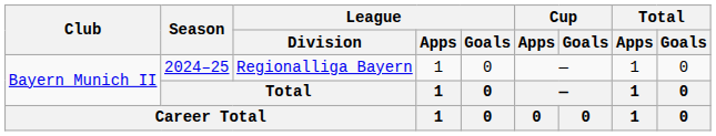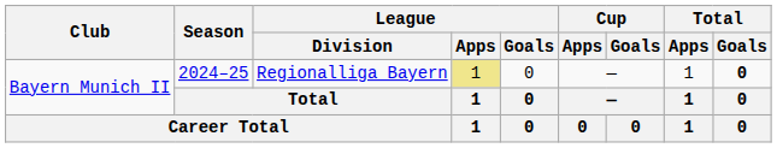 <table class="wikitable" Style="text-align: center">
 <tr>
 <th rowspan="2">Club</th>
 <th rowspan="2">Season</th>
 <th colspan="3">League</th>
 <th colspan="2">Cup</th>
 <th colspan="2">Total</th>
 </tr>
 <tr>
 <th>Division</th>
 <th>Apps</th>
 <th>Goals</th>
 <th>Apps</th>
 <th>Goals</th>
 <th>Apps</th>
 <th>Goals</th>
 </tr>
 <tr>
 <td rowspan="2"><a href='#'>Bayern Munich II</a></td>
 <td><a href='#'>2024–25</a></td>
 <td><a href='#'>Regionalliga Bayern</a></td>
-<td>1</td>
+<td style="background: khaki;">1</td>
 <td>0</td>
 <td colspan="2">—</td>
 <td>1</td>
-<td>0</td>
+<td><strong>0</strong></td>
 </tr>
 <tr>
 <th colspan="2">Total</th>
 <th>1</th>
 <th>0</th>
 <th colspan="2">—</th>
 <th>1</th>
 <th>0</th>
 </tr>
 <tr>
 <th colspan="3">Career Total</th>
 <th>1</th>
 <th>0</th>
 <th>0</th>
 <th>0</th>
 <th>1</th>
 <th>0</th>
 </tr>
 </table>
